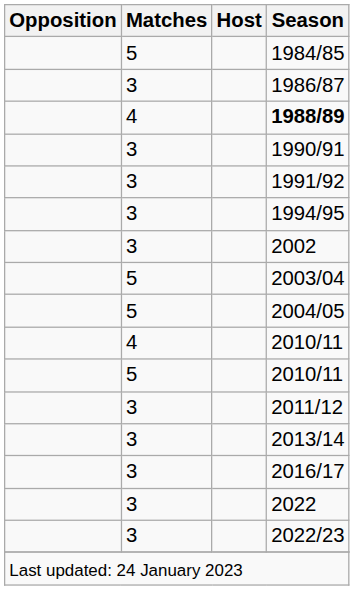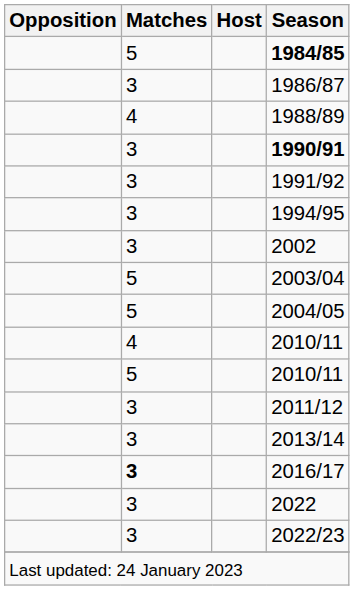 <table class="wikitable plainrowheaders sortable">
 <tr>
 <th scope=col>Opposition</th>
 <th scope=col style="text-align:center">Matches</th>
 <th scope=col>Host</th>
 <th scope=col style="text-align:center">Season</th>
 </tr>
 <tr>
 <td></td>
 <td>5</td>
 <td></td>
-<td>1984/85</td>
+<td><strong>1984/85</strong></td>
 </tr>
 <tr>
 <td></td>
 <td>3</td>
 <td></td>
 <td>1986/87</td>
 </tr>
 <tr>
 <td></td>
 <td>4</td>
 <td></td>
-<td><strong>1988/89</strong></td>
+<td>1988/89</td>
 </tr>
 <tr>
 <td></td>
 <td>3</td>
 <td></td>
-<td>1990/91</td>
+<td><strong>1990/91</strong></td>
 </tr>
 <tr>
 <td></td>
 <td>3</td>
 <td></td>
 <td>1991/92</td>
 </tr>
 <tr>
 <td></td>
 <td>3</td>
 <td></td>
 <td>1994/95</td>
 </tr>
 <tr>
 <td></td>
 <td>3</td>
 <td></td>
 <td>2002</td>
 </tr>
 <tr>
 <td></td>
 <td>5</td>
 <td></td>
 <td>2003/04</td>
 </tr>
 <tr>
 <td></td>
 <td>5</td>
 <td></td>
 <td>2004/05</td>
 </tr>
 <tr>
 <td></td>
 <td>4</td>
 <td></td>
 <td>2010/11</td>
 </tr>
 <tr>
 <td></td>
 <td>5</td>
 <td></td>
 <td>2010/11</td>
 </tr>
 <tr>
 <td></td>
 <td>3</td>
 <td></td>
 <td>2011/12</td>
 </tr>
 <tr>
 <td></td>
 <td>3</td>
 <td></td>
 <td>2013/14</td>
 </tr>
 <tr>
 <td></td>
-<td>3</td>
+<td><strong>3</strong></td>
 <td></td>
 <td>2016/17</td>
 </tr>
 <tr>
 <td></td>
 <td>3</td>
 <td></td>
 <td>2022</td>
 </tr>
 <tr>
 <td></td>
 <td>3</td>
 <td></td>
 <td>2022/23</td>
 </tr>
 <tr>
 </tr>
 <tr class=sortbottom>
 <td colspan=5><small>Last updated: 24 January 2023</small></td>
 </tr>
 </table>
